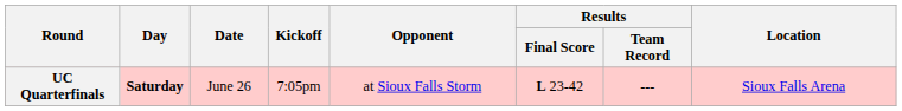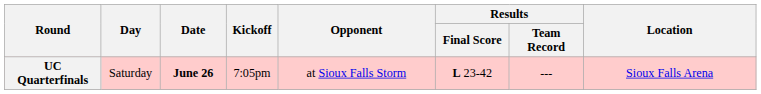 <table class="wikitable">
 <tr>
 <th rowspan="2" width="120">Round</th>
 <th rowspan="2" width="70">Day</th>
 <th rowspan="2" width="80">Date</th>
 <th rowspan="2" width="60">Kickoff</th>
 <th rowspan="2" width="200">Opponent</th>
 <th colspan="2" width="180">Results</th>
 <th rowspan="2" width="220">Location</th>
 </tr>
 <tr>
 <th width="90">Final Score</th>
 <th width="90">Team Record</th>
 </tr>
 <tr align="center" bgcolor="#FFCCCC">
 <th>UC Quarterfinals</th>
-<td align="center"><strong>Saturday</strong></td>
-<td align="center">June 26</td>
+<td align="center">Saturday</td>
+<td align="center"><strong>June 26</strong></td>
 <td align="center">7:05pm</td>
 <td align="center">at <a href='#'>Sioux Falls Storm</a></td>
 <td align="center"><strong>L</strong> 23-42</td>
 <td align="center">---</td>
 <td align="center"><a href='#'>Sioux Falls Arena</a></td>
 </tr>
 </table>
